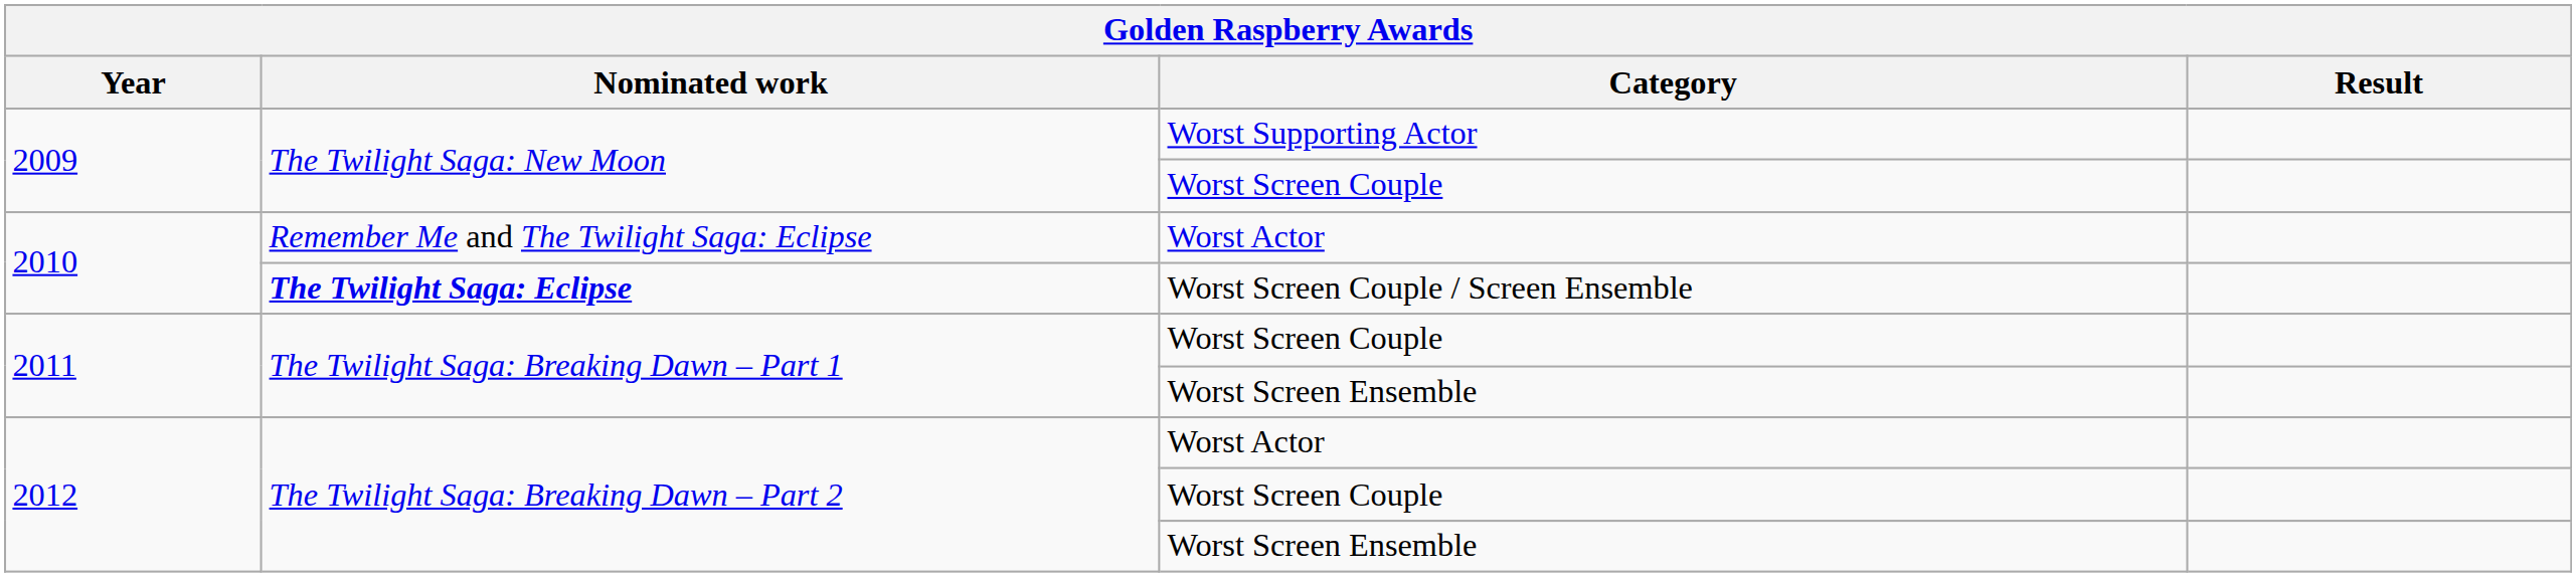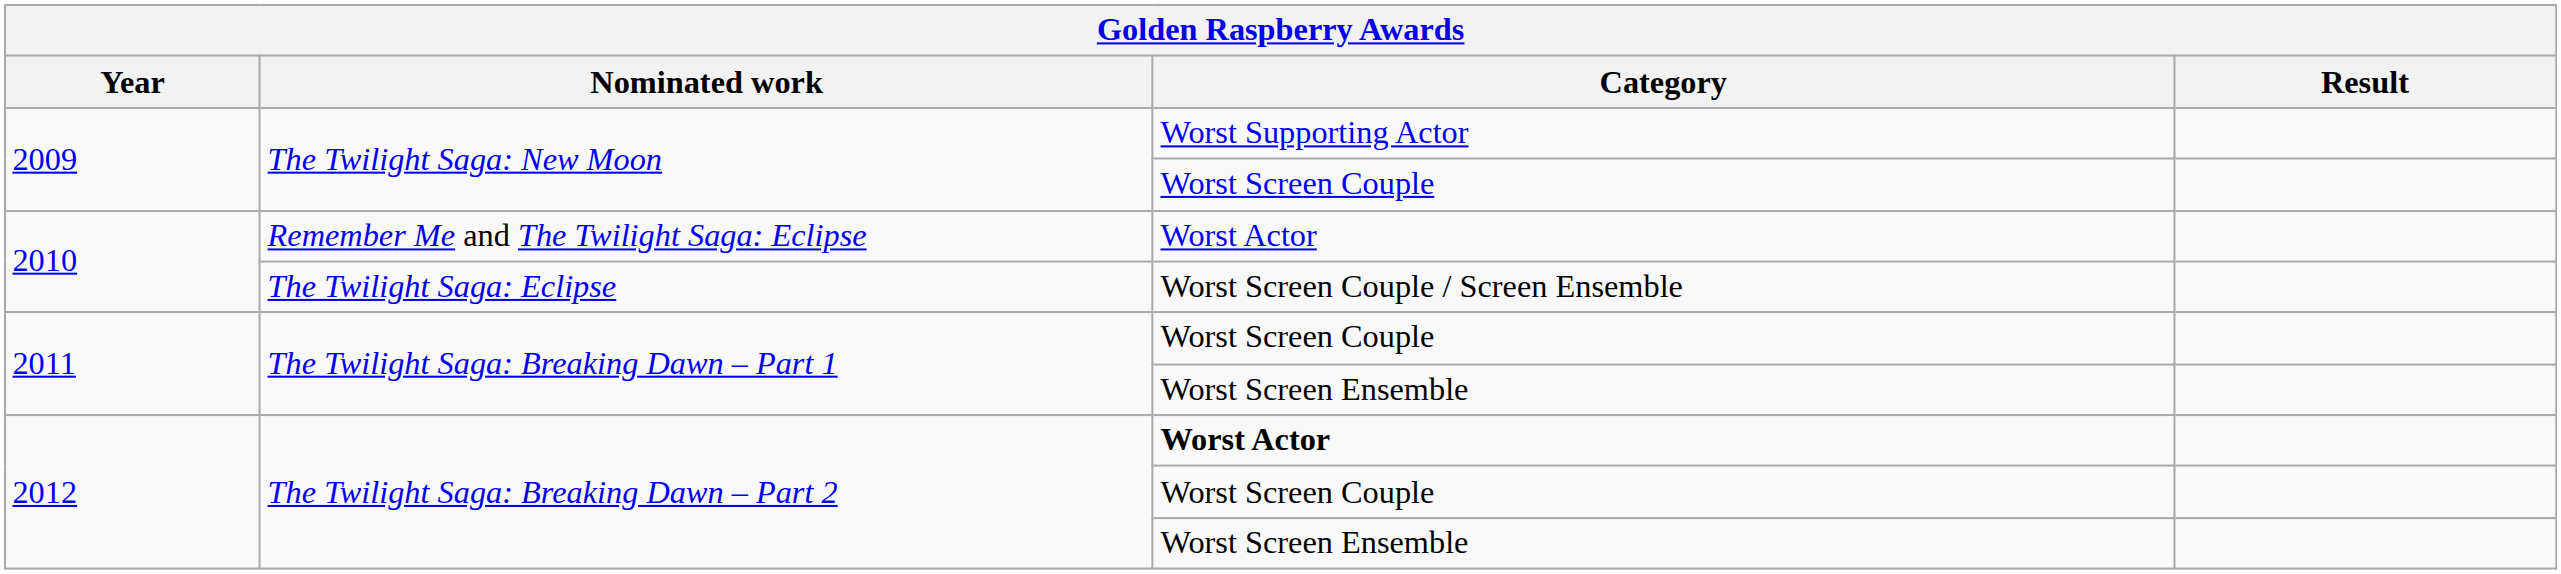 <table width="100%" class="wikitable">
 <tr>
 <th colspan="4" align="center"><strong><a href='#'>Golden Raspberry Awards</a></strong></th>
 </tr>
 <tr>
 <th width="10%">Year</th>
 <th width="35%">Nominated work</th>
 <th width="40%">Category</th>
 <th width="15%">Result</th>
 </tr>
 <tr>
 <td rowspan="2"><a href='#'>2009</a></td>
 <td rowspan="2"><em><a href='#'>The Twilight Saga: New Moon</a></em></td>
 <td><a href='#'>Worst Supporting Actor</a></td>
 <td></td>
 </tr>
 <tr>
 <td><a href='#'>Worst Screen Couple</a></td>
 <td></td>
 </tr>
 <tr>
 <td rowspan="2"><a href='#'>2010</a></td>
 <td><em><a href='#'>Remember Me</a></em> and <em><a href='#'>The Twilight Saga: Eclipse</a></em></td>
 <td><a href='#'>Worst Actor</a></td>
 <td></td>
 </tr>
 <tr>
-<td><strong><em><a href='#'>The Twilight Saga: Eclipse</a></em></strong></td>
+<td><em><a href='#'>The Twilight Saga: Eclipse</a></em></td>
 <td>Worst Screen Couple / Screen Ensemble</td>
 <td></td>
 </tr>
 <tr>
 <td rowspan="2"><a href='#'>2011</a></td>
 <td rowspan="2"><em><a href='#'>The Twilight Saga: Breaking Dawn – Part 1</a></em></td>
 <td>Worst Screen Couple</td>
 <td></td>
 </tr>
 <tr>
 <td>Worst Screen Ensemble</td>
 <td></td>
 </tr>
 <tr>
 <td rowspan="3"><a href='#'>2012</a></td>
 <td rowspan="3"><em><a href='#'>The Twilight Saga: Breaking Dawn – Part 2</a></em></td>
-<td>Worst Actor</td>
+<td><strong>Worst Actor</strong></td>
 <td></td>
 </tr>
 <tr>
 <td>Worst Screen Couple</td>
 <td></td>
 </tr>
 <tr>
 <td>Worst Screen Ensemble</td>
 <td></td>
 </tr>
 </table>
